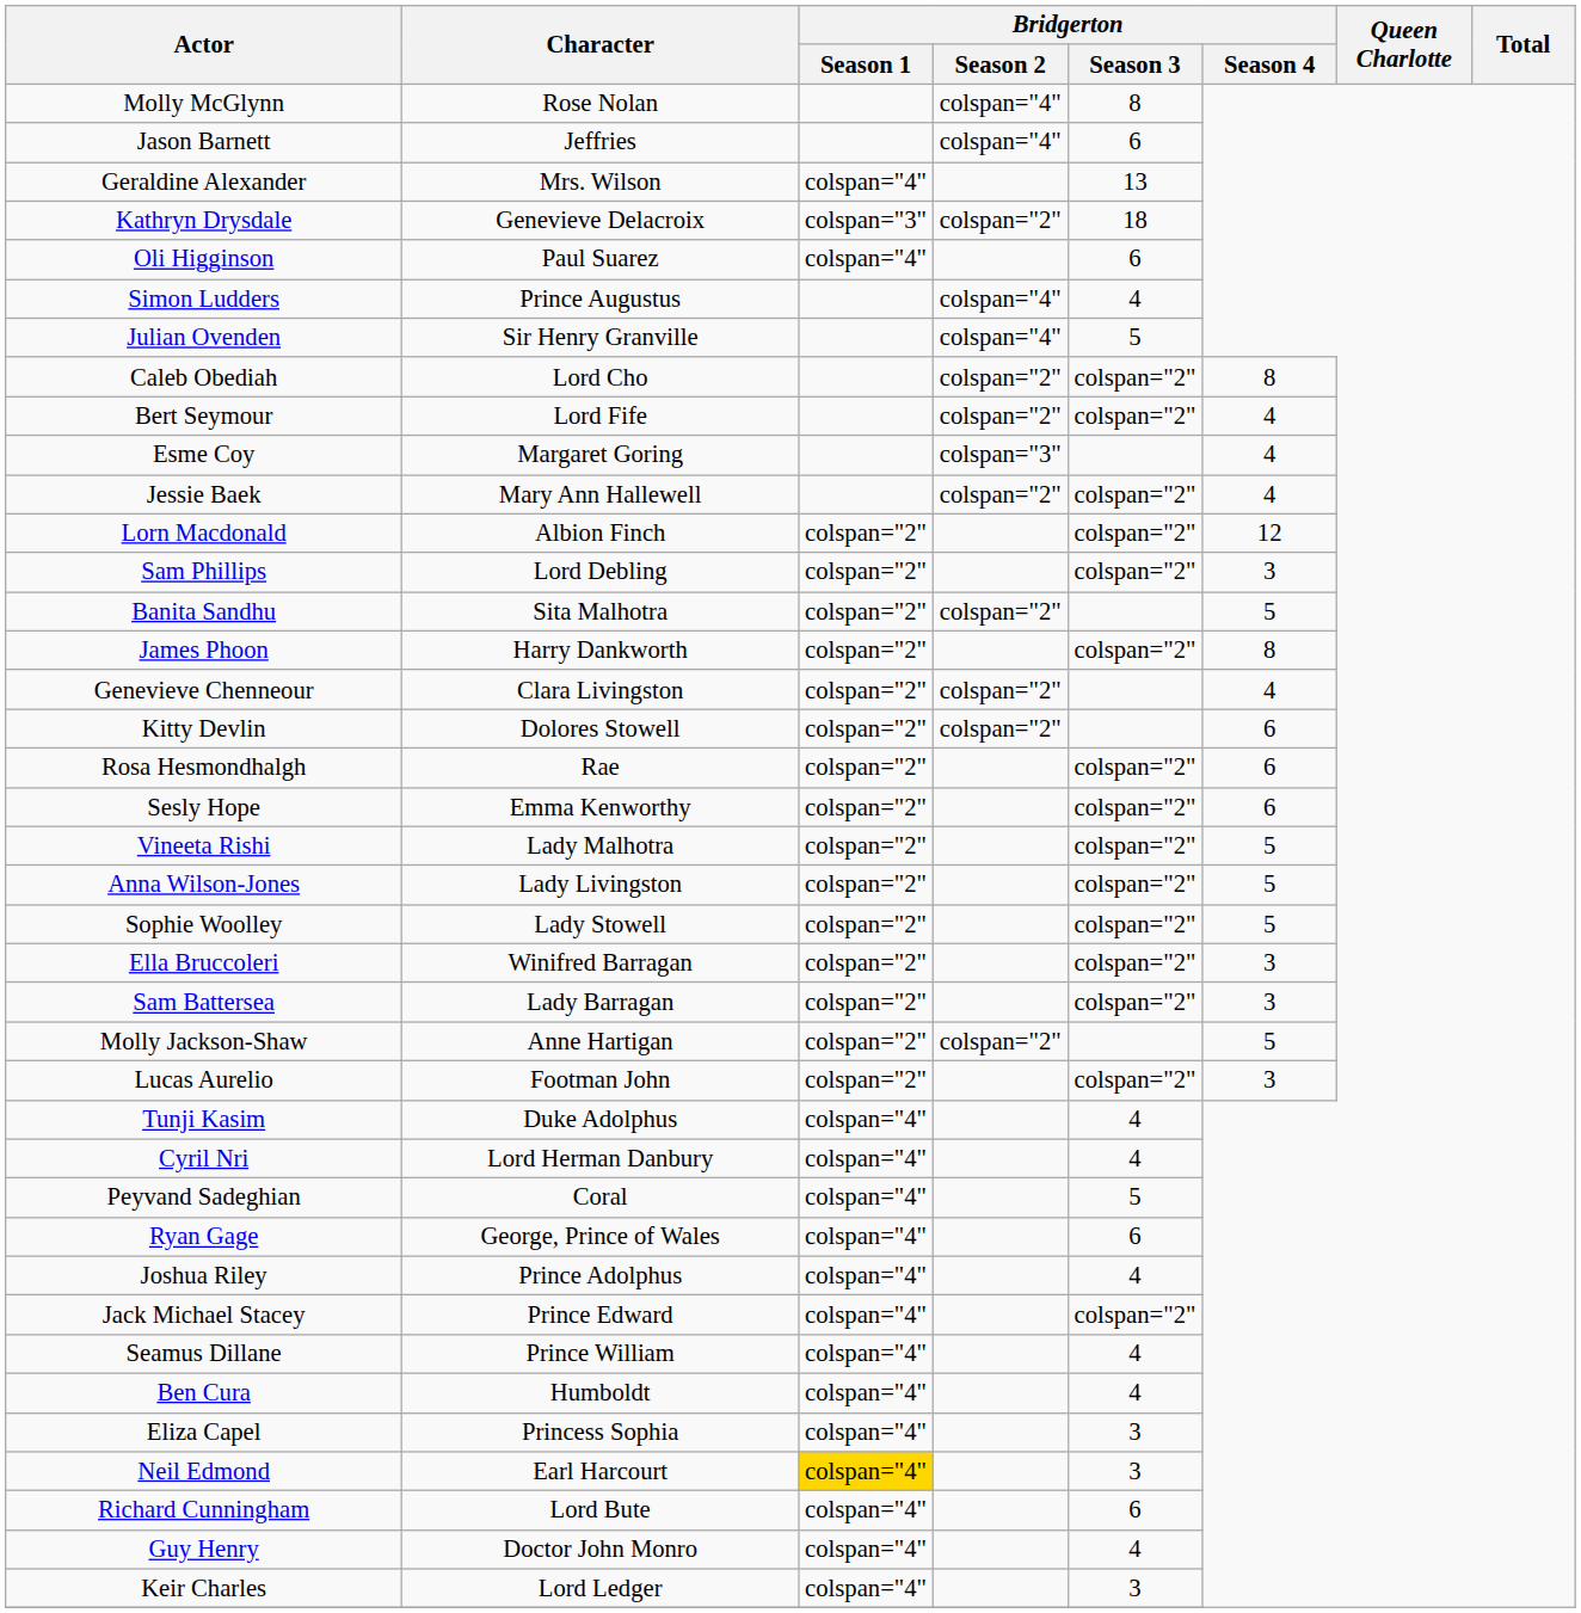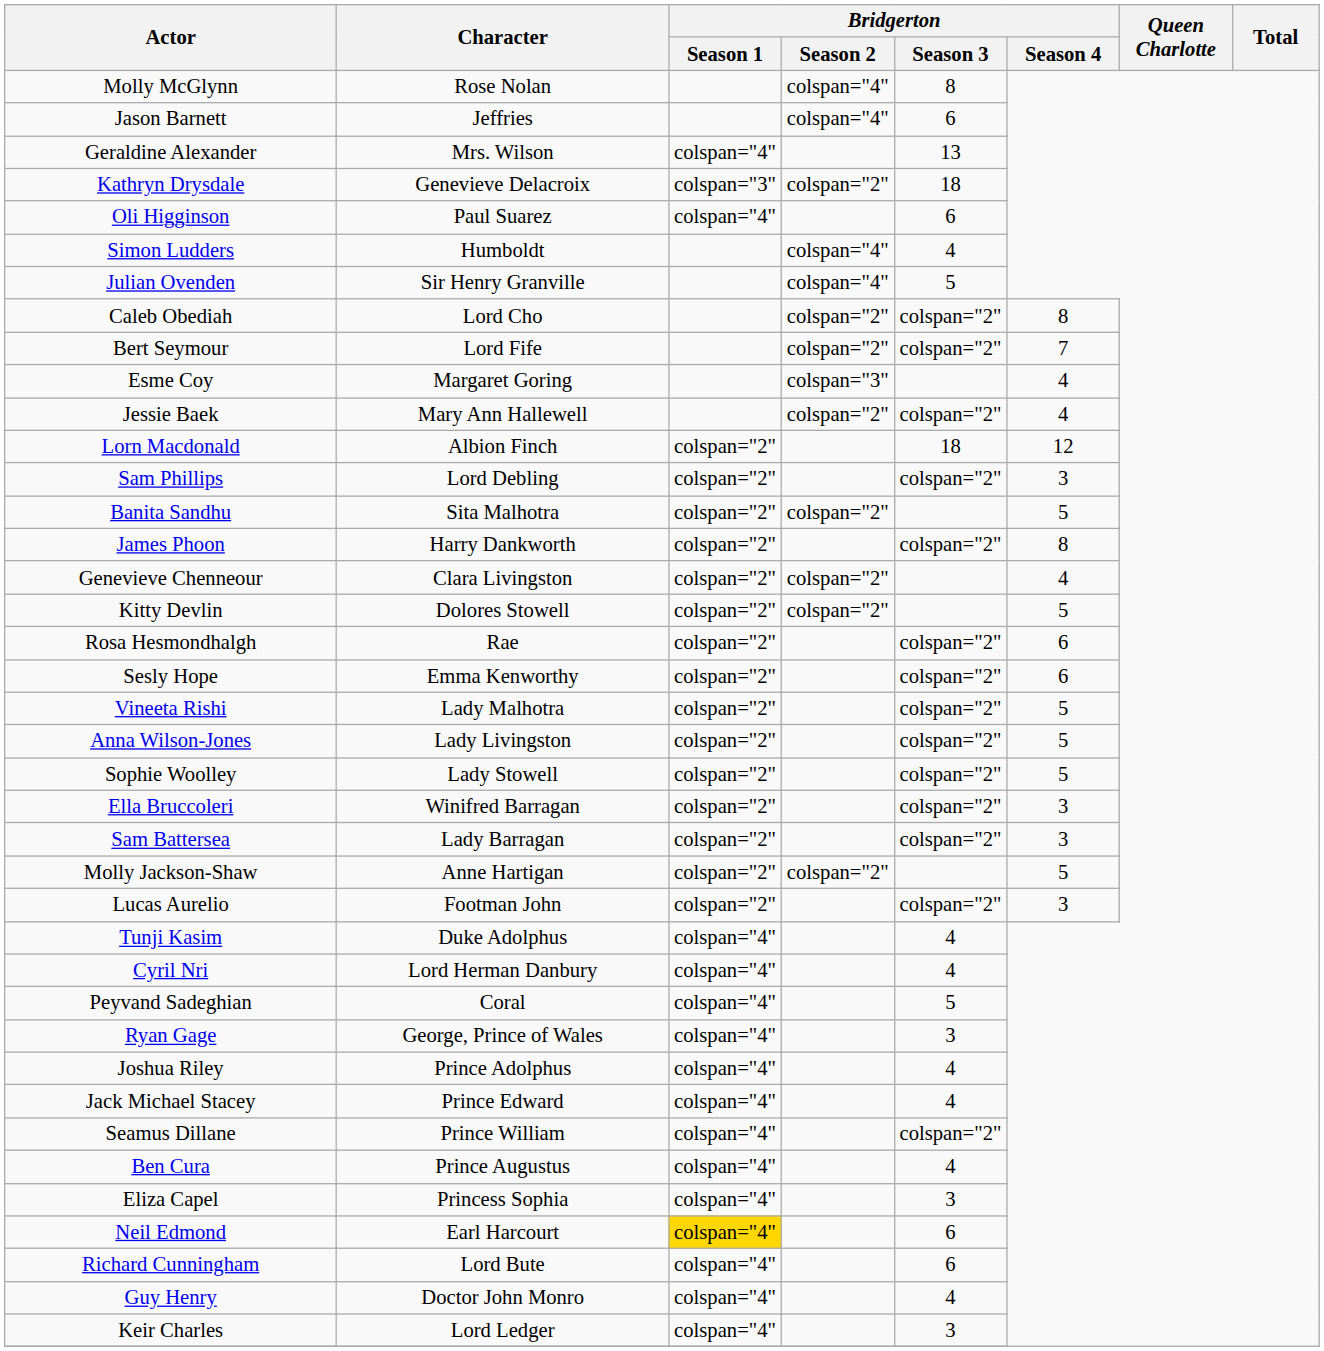 <table class="wikitable" style="text-align:center;">
 <tr>
 <th rowspan="2" style="width:250px;">Actor</th>
 <th rowspan="2" style="width:250px;">Character</th>
 <th colspan="4"><em>Bridgerton</em></th>
 <th rowspan="2" style="width:80px;"><em>Queen Charlotte</em></th>
 <th rowspan="2" style="width:60px;">Total</th>
 </tr>
 <tr>
 <th style="width:80px;">Season 1</th>
 <th style="width:80px;">Season 2</th>
 <th style="width:80px;">Season 3</th>
 <th style="width:80px;">Season 4</th>
 </tr>
 <tr>
 <td>Molly McGlynn</td>
 <td>Rose Nolan</td>
 <td></td>
 <td>colspan="4" </td>
 <td>8</td>
 </tr>
 <tr>
 <td>Jason Barnett</td>
 <td>Jeffries</td>
 <td></td>
 <td>colspan="4" </td>
 <td>6</td>
 </tr>
 <tr>
 <td>Geraldine Alexander</td>
 <td>Mrs. Wilson</td>
 <td>colspan="4" </td>
 <td></td>
 <td>13</td>
 </tr>
 <tr>
 <td><a href='#'>Kathryn Drysdale</a></td>
 <td>Genevieve Delacroix</td>
 <td>colspan="3" </td>
 <td>colspan="2" </td>
 <td>18</td>
 </tr>
 <tr>
 <td><a href='#'>Oli Higginson</a></td>
 <td>Paul Suarez</td>
 <td>colspan="4" </td>
 <td></td>
 <td>6</td>
 </tr>
 <tr>
 <td><a href='#'>Simon Ludders</a></td>
-<td>Prince Augustus</td>
+<td>Humboldt</td>
 <td></td>
 <td>colspan="4" </td>
 <td>4</td>
 </tr>
 <tr>
 <td><a href='#'>Julian Ovenden</a></td>
 <td>Sir Henry Granville</td>
 <td></td>
 <td>colspan="4" </td>
 <td>5</td>
 </tr>
 <tr>
 <td>Caleb Obediah</td>
 <td>Lord Cho</td>
 <td></td>
 <td>colspan="2" </td>
 <td>colspan="2" </td>
 <td>8</td>
 </tr>
 <tr>
 <td>Bert Seymour</td>
 <td>Lord Fife</td>
 <td></td>
 <td>colspan="2" </td>
 <td>colspan="2" </td>
-<td>4</td>
+<td>7</td>
 </tr>
 <tr>
 <td>Esme Coy</td>
 <td>Margaret Goring</td>
 <td></td>
 <td>colspan="3" </td>
 <td></td>
 <td>4</td>
 </tr>
 <tr>
 <td>Jessie Baek</td>
 <td>Mary Ann Hallewell</td>
 <td></td>
 <td>colspan="2" </td>
 <td>colspan="2" </td>
 <td>4</td>
 </tr>
 <tr>
 <td><a href='#'>Lorn Macdonald</a></td>
 <td>Albion Finch</td>
 <td>colspan="2" </td>
 <td></td>
-<td>colspan="2" </td>
+<td>18</td>
 <td>12</td>
 </tr>
 <tr>
 <td><a href='#'>Sam Phillips</a></td>
 <td>Lord Debling</td>
 <td>colspan="2" </td>
 <td></td>
 <td>colspan="2" </td>
 <td>3</td>
 </tr>
 <tr>
 <td><a href='#'>Banita Sandhu</a></td>
 <td>Sita Malhotra</td>
 <td>colspan="2" </td>
 <td>colspan="2" </td>
 <td></td>
 <td>5</td>
 </tr>
 <tr>
 <td><a href='#'>James Phoon</a></td>
 <td>Harry Dankworth</td>
 <td>colspan="2" </td>
 <td></td>
 <td>colspan="2" </td>
 <td>8</td>
 </tr>
 <tr>
 <td>Genevieve Chenneour</td>
 <td>Clara Livingston</td>
 <td>colspan="2" </td>
 <td>colspan="2" </td>
 <td></td>
 <td>4</td>
 </tr>
 <tr>
 <td>Kitty Devlin</td>
 <td>Dolores Stowell</td>
 <td>colspan="2" </td>
 <td>colspan="2" </td>
 <td></td>
-<td>6</td>
+<td>5</td>
 </tr>
 <tr>
 <td>Rosa Hesmondhalgh</td>
 <td>Rae</td>
 <td>colspan="2" </td>
 <td></td>
 <td>colspan="2" </td>
 <td>6</td>
 </tr>
 <tr>
 <td>Sesly Hope</td>
 <td>Emma Kenworthy</td>
 <td>colspan="2" </td>
 <td></td>
 <td>colspan="2" </td>
 <td>6</td>
 </tr>
 <tr>
 <td><a href='#'>Vineeta Rishi</a></td>
 <td>Lady Malhotra</td>
 <td>colspan="2" </td>
 <td></td>
 <td>colspan="2" </td>
 <td>5</td>
 </tr>
 <tr>
 <td><a href='#'>Anna Wilson-Jones</a></td>
 <td>Lady Livingston</td>
 <td>colspan="2" </td>
 <td></td>
 <td>colspan="2" </td>
 <td>5</td>
 </tr>
 <tr>
 <td>Sophie Woolley</td>
 <td>Lady Stowell</td>
 <td>colspan="2" </td>
 <td></td>
 <td>colspan="2" </td>
 <td>5</td>
 </tr>
 <tr>
 <td><a href='#'>Ella Bruccoleri</a></td>
 <td>Winifred Barragan</td>
 <td>colspan="2" </td>
 <td></td>
 <td>colspan="2" </td>
 <td>3</td>
 </tr>
 <tr>
 <td><a href='#'>Sam Battersea</a></td>
 <td>Lady Barragan</td>
 <td>colspan="2" </td>
 <td></td>
 <td>colspan="2" </td>
 <td>3</td>
 </tr>
 <tr>
 <td>Molly Jackson-Shaw</td>
 <td>Anne Hartigan</td>
 <td>colspan="2" </td>
 <td>colspan="2" </td>
 <td></td>
 <td>5</td>
 </tr>
 <tr>
 <td>Lucas Aurelio</td>
 <td>Footman John</td>
 <td>colspan="2" </td>
 <td></td>
 <td>colspan="2" </td>
 <td>3</td>
 </tr>
 <tr>
 <td><a href='#'>Tunji Kasim</a></td>
 <td>Duke Adolphus</td>
 <td>colspan="4" </td>
 <td></td>
 <td>4</td>
 </tr>
 <tr>
 <td><a href='#'>Cyril Nri</a></td>
 <td>Lord Herman Danbury</td>
 <td>colspan="4" </td>
 <td></td>
 <td>4</td>
 </tr>
 <tr>
 <td>Peyvand Sadeghian</td>
 <td>Coral</td>
 <td>colspan="4" </td>
 <td></td>
 <td>5</td>
 </tr>
 <tr>
 <td><a href='#'>Ryan Gage</a></td>
 <td>George, Prince of Wales</td>
 <td>colspan="4" </td>
 <td></td>
-<td>6</td>
+<td>3</td>
 </tr>
 <tr>
 <td>Joshua Riley</td>
 <td>Prince Adolphus</td>
 <td>colspan="4" </td>
 <td></td>
 <td>4</td>
 </tr>
 <tr>
 <td>Jack Michael Stacey</td>
 <td>Prince Edward</td>
 <td>colspan="4" </td>
 <td></td>
-<td>colspan="2" </td>
+<td>4</td>
 </tr>
 <tr>
 <td>Seamus Dillane</td>
 <td>Prince William</td>
 <td>colspan="4" </td>
 <td></td>
-<td>4</td>
+<td>colspan="2" </td>
 </tr>
 <tr>
 <td><a href='#'>Ben Cura</a></td>
-<td>Humboldt</td>
+<td>Prince Augustus</td>
 <td>colspan="4" </td>
 <td></td>
 <td>4</td>
 </tr>
 <tr>
 <td>Eliza Capel</td>
 <td>Princess Sophia</td>
 <td>colspan="4" </td>
 <td></td>
 <td>3</td>
 </tr>
 <tr>
 <td><a href='#'>Neil Edmond</a></td>
 <td>Earl Harcourt</td>
 <td style="background: gold;">colspan="4" </td>
 <td></td>
-<td>3</td>
+<td>6</td>
 </tr>
 <tr>
 <td><a href='#'>Richard Cunningham</a></td>
 <td>Lord Bute</td>
 <td>colspan="4" </td>
 <td></td>
 <td>6</td>
 </tr>
 <tr>
 <td><a href='#'>Guy Henry</a></td>
 <td>Doctor John Monro</td>
 <td>colspan="4" </td>
 <td></td>
 <td>4</td>
 </tr>
 <tr>
 <td>Keir Charles</td>
 <td>Lord Ledger</td>
 <td>colspan="4" </td>
 <td></td>
 <td>3</td>
 </tr>
 <tr>
 </tr>
 </table>
